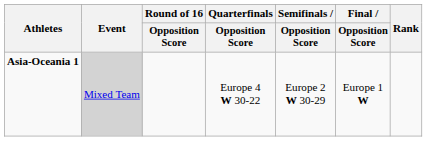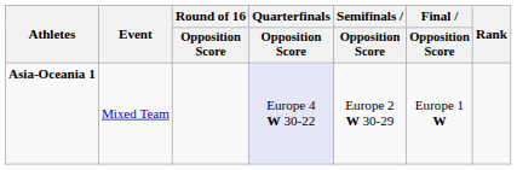 <table class=wikitable style="font-size:90%">
 <tr>
 <th rowspan="2">Athletes</th>
 <th rowspan="2">Event</th>
 <th>Round of 16</th>
 <th>Quarterfinals</th>
 <th>Semifinals / </th>
 <th>Final / </th>
 <th rowspan=2>Rank</th>
 </tr>
 <tr style="font-size:95%">
 <th>Opposition<br>Score</th>
 <th>Opposition<br>Score</th>
 <th>Opposition<br>Score</th>
 <th>Opposition<br>Score</th>
 </tr>
 <tr align=center>
 <td align=left><strong>Asia-Oceania 1</strong> <br>  <br>  <br>  <br> <br>  <br> </td>
-<td align=left style="background: lightgrey;"><a href='#'>Mixed Team</a></td>
+<td align=left><a href='#'>Mixed Team</a></td>
 <td></td>
-<td>Europe 4<br><strong>W</strong> 30-22</td>
+<td style="background: lavender;">Europe 4<br><strong>W</strong> 30-22</td>
 <td>Europe 2<br><strong>W</strong> 30-29</td>
 <td>Europe 1<br><strong>W</strong></td>
 <td></td>
 </tr>
 </table>
